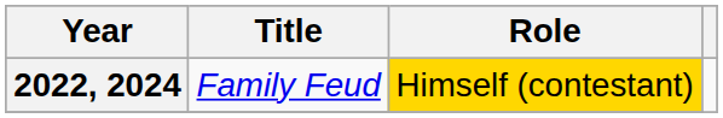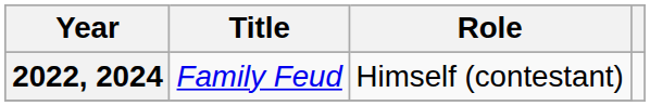 <table class="wikitable plainrowheaders sortable" style="text-align:center">
 <tr>
 <th scope="col">Year</th>
 <th scope="col">Title</th>
 <th scope="col">Role</th>
 <th class="unsortable"></th>
 </tr>
 <tr>
 <th scope="row" rowspan="1">2022, 2024</th>
 <td><em><a href='#'>Family Feud</a></em></td>
-<td style="background: gold;">Himself (contestant)</td>
+<td>Himself (contestant)</td>
 </tr>
 <tr>
 </tr>
 </table>
